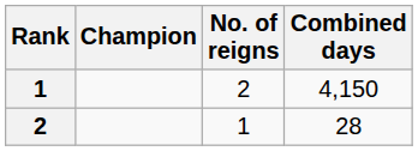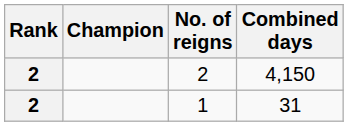 <table class="wikitable sortable" style="text-align: center">
 <tr>
 <th>Rank</th>
 <th>Champion</th>
 <th>No. of<br>reigns</th>
 <th>Combined<br>days</th>
 </tr>
 <tr>
-<th>1</th>
+<th>2</th>
 <td></td>
 <td>2</td>
 <td>4,150</td>
 </tr>
 <tr>
 <th>2</th>
 <td></td>
 <td>1</td>
-<td>28</td>
+<td>31</td>
 </tr>
 </table>
